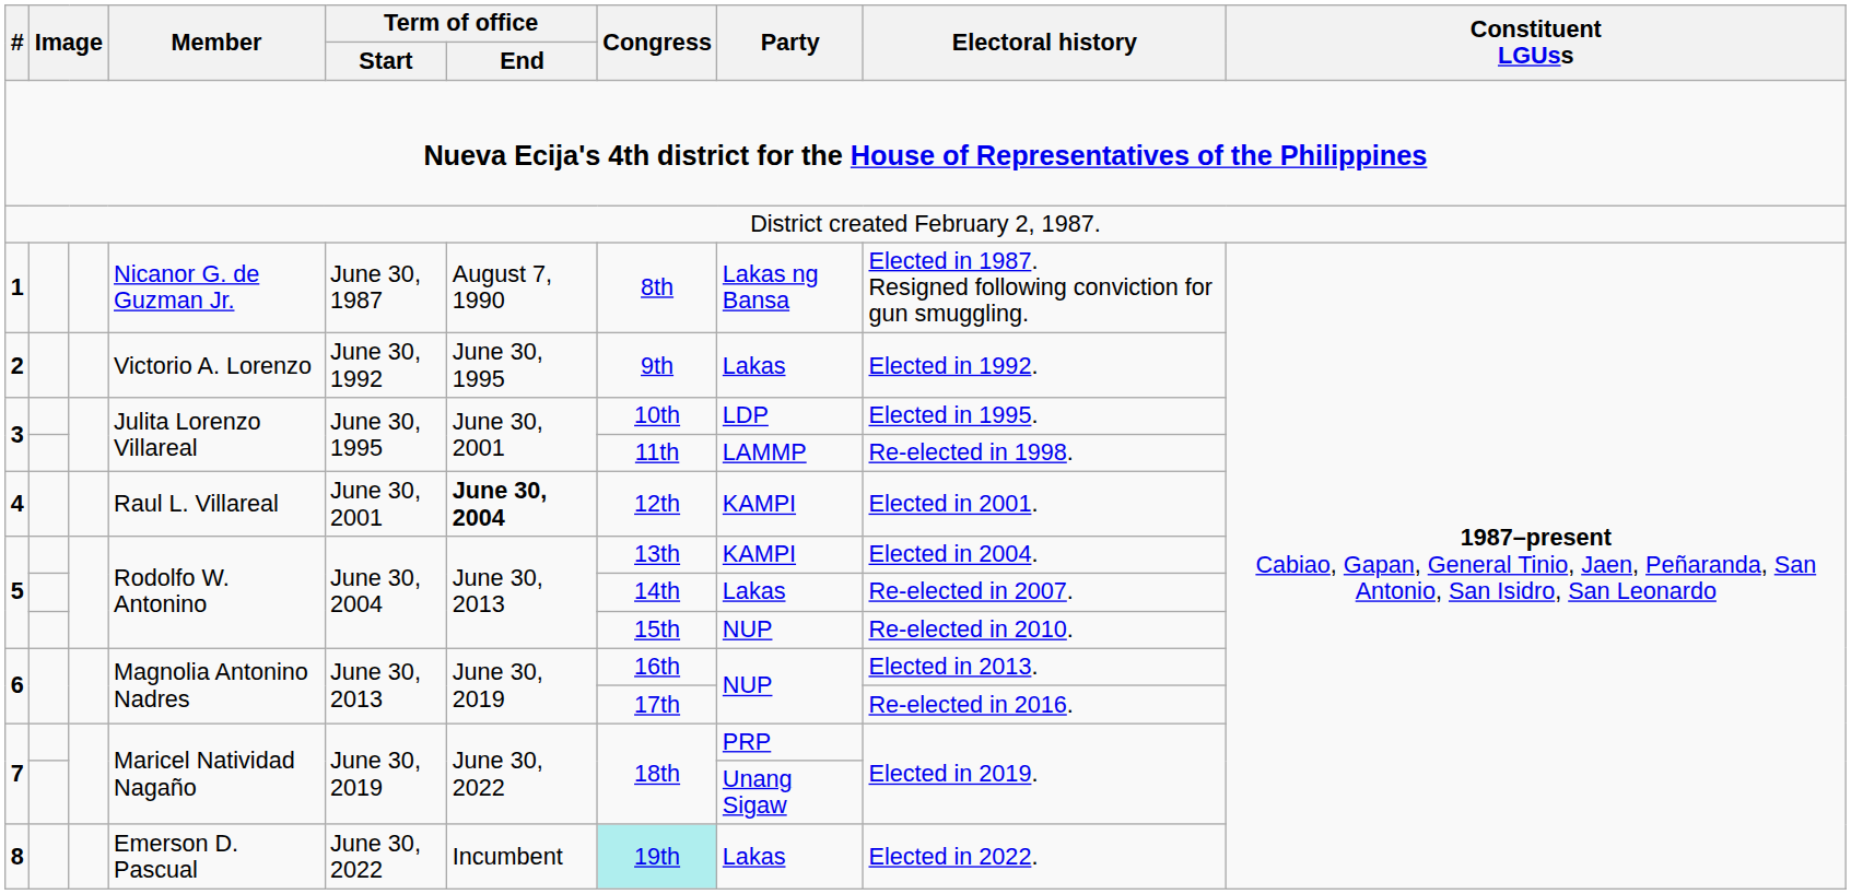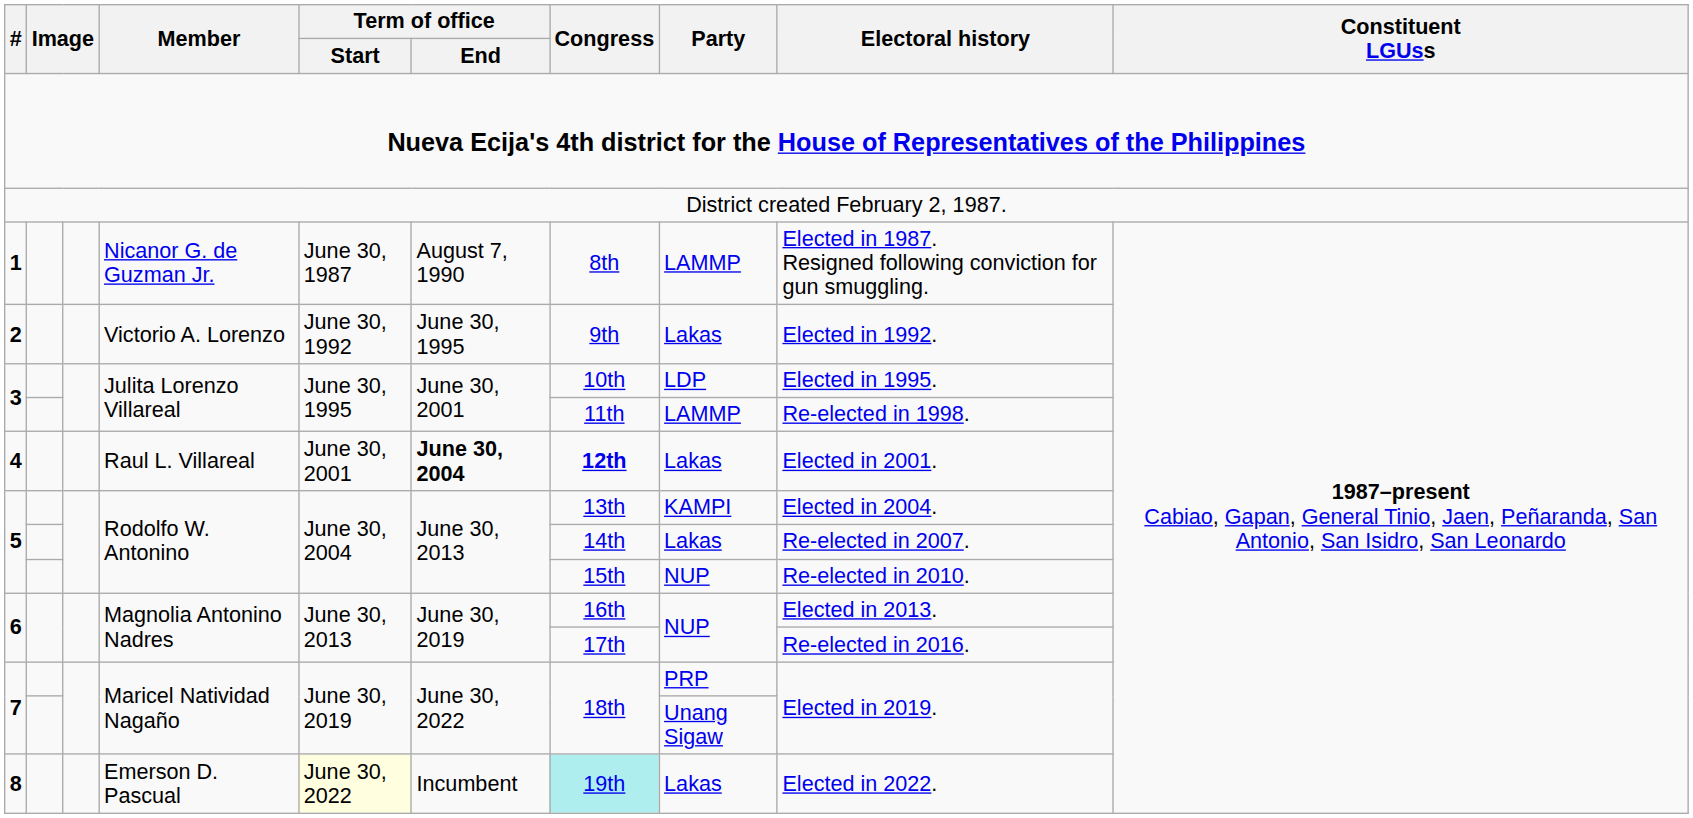 <table class=wikitable>
 <tr>
 <th rowspan="2">#</th>
 <th rowspan="2" colspan=2>Image</th>
 <th rowspan="2">Member</th>
 <th colspan=2>Term of office</th>
 <th rowspan="2">Congress</th>
 <th rowspan="2">Party</th>
 <th rowspan="2">Electoral history</th>
 <th rowspan="2">Constituent<br><a href='#'>LGUs</a>s</th>
 </tr>
 <tr>
 <th>Start</th>
 <th>End</th>
 </tr>
 <tr>
 <td colspan="10" style="text-align:center;"><br><h3>Nueva Ecija's 4th district for the <a href='#'>House of Representatives of the Philippines</a></h3></td>
 </tr>
 <tr>
 <td colspan="10" style="text-align:center;">District created February 2, 1987.</td>
 </tr>
 <tr>
 <td style="text-align:center;"><strong>1</strong></td>
 <td style="color:inherit;background:"></td>
 <td></td>
 <td><a href='#'>Nicanor G. de Guzman Jr.</a></td>
 <td>June 30, 1987</td>
 <td>August 7, 1990</td>
 <td style="text-align:center;"><a href='#'>8th</a></td>
-<td><a href='#'>Lakas ng Bansa</a></td>
+<td><a href='#'>LAMMP</a></td>
 <td><a href='#'>Elected in 1987</a>.<br>Resigned following conviction for gun smuggling.</td>
 <td rowspan="13" style="text-align:center;"><strong>1987–present</strong><br><a href='#'>Cabiao</a>, <a href='#'>Gapan</a>, <a href='#'>General Tinio</a>, <a href='#'>Jaen</a>, <a href='#'>Peñaranda</a>, <a href='#'>San Antonio</a>, <a href='#'>San Isidro</a>, <a href='#'>San Leonardo</a></td>
 </tr>
 <tr>
 <td style="text-align:center;"><strong>2</strong></td>
 <td style="color:inherit;background:"></td>
 <td></td>
 <td>Victorio A. Lorenzo</td>
 <td>June 30, 1992</td>
 <td>June 30, 1995</td>
 <td style="text-align:center;"><a href='#'>9th</a></td>
 <td><a href='#'>Lakas</a></td>
 <td><a href='#'>Elected in 1992</a>.</td>
 </tr>
 <tr>
 <td rowspan="2" style="text-align:center;"><strong>3</strong></td>
 <td style="color:inherit;background:"></td>
 <td rowspan="2"></td>
 <td rowspan="2">Julita Lorenzo Villareal</td>
 <td rowspan="2">June 30, 1995</td>
 <td rowspan="2">June 30, 2001</td>
 <td style="text-align:center;"><a href='#'>10th</a></td>
 <td><a href='#'>LDP</a></td>
 <td><a href='#'>Elected in 1995</a>.</td>
 </tr>
 <tr>
 <td style="color:inherit;background:"></td>
 <td style="text-align:center;"><a href='#'>11th</a></td>
 <td><a href='#'>LAMMP</a></td>
 <td><a href='#'>Re-elected in 1998</a>.</td>
 </tr>
 <tr>
 <td style="text-align:center;"><strong>4</strong></td>
 <td style="color:inherit;background:"></td>
 <td></td>
 <td>Raul L. Villareal</td>
 <td>June 30, 2001</td>
 <td><strong>June 30, 2004</strong></td>
-<td style="text-align:center;"><a href='#'>12th</a></td>
-<td><a href='#'>KAMPI</a></td>
+<td style="text-align:center;"><strong><a href='#'>12th</a></strong></td>
+<td><a href='#'>Lakas</a></td>
 <td><a href='#'>Elected in 2001</a>.</td>
 </tr>
 <tr>
 <td rowspan="3" style="text-align:center;"><strong>5</strong></td>
 <td style="color:inherit;background:"></td>
 <td rowspan="3"></td>
 <td rowspan="3">Rodolfo W. Antonino</td>
 <td rowspan="3">June 30, 2004</td>
 <td rowspan="3">June 30, 2013</td>
 <td style="text-align:center;"><a href='#'>13th</a></td>
 <td><a href='#'>KAMPI</a></td>
 <td><a href='#'>Elected in 2004</a>.</td>
 </tr>
 <tr>
 <td style="color:inherit;background:"></td>
 <td style="text-align:center;"><a href='#'>14th</a></td>
 <td><a href='#'>Lakas</a></td>
 <td><a href='#'>Re-elected in 2007</a>.</td>
 </tr>
 <tr>
 <td style="color:inherit;background:"></td>
 <td style="text-align:center;"><a href='#'>15th</a></td>
 <td><a href='#'>NUP</a></td>
 <td><a href='#'>Re-elected in 2010</a>.</td>
 </tr>
 <tr>
 <td rowspan="2" style="text-align:center;"><strong>6</strong></td>
 <td rowspan="2" style="color:inherit;background:"></td>
 <td rowspan="2"></td>
 <td rowspan="2">Magnolia Antonino Nadres</td>
 <td rowspan="2">June 30, 2013</td>
 <td rowspan="2">June 30, 2019</td>
 <td style="text-align:center;"><a href='#'>16th</a></td>
 <td rowspan="2"><a href='#'>NUP</a></td>
 <td><a href='#'>Elected in 2013</a>.</td>
 </tr>
 <tr>
 <td style="text-align:center;"><a href='#'>17th</a></td>
 <td><a href='#'>Re-elected in 2016</a>.</td>
 </tr>
 <tr>
 <td style="text-align:center;" rowspan="2"><strong>7</strong></td>
 <td style="color:inherit;background:"></td>
 <td rowspan="2"></td>
 <td rowspan="2">Maricel Natividad Nagaño</td>
 <td rowspan="2">June 30, 2019</td>
 <td rowspan="2">June 30, 2022</td>
 <td style="text-align:center;" rowspan="2"><a href='#'>18th</a></td>
 <td><a href='#'>PRP</a></td>
 <td rowspan="2"><a href='#'>Elected in 2019</a>.</td>
 </tr>
 <tr>
 <td style="color:inherit;background:"></td>
 <td><a href='#'>Unang Sigaw</a></td>
 </tr>
 <tr>
 <td style="text-align:center;"><strong>8</strong></td>
 <td style="color:inherit;background:"></td>
 <td></td>
 <td>Emerson D. Pascual</td>
-<td>June 30, 2022</td>
+<td style="background: lightyellow;">June 30, 2022</td>
 <td>Incumbent</td>
 <td style="background: paleturquoise; text-align:center;"><a href='#'>19th</a></td>
 <td><a href='#'>Lakas</a></td>
 <td><a href='#'>Elected in 2022</a>.</td>
 </tr>
 </table>
